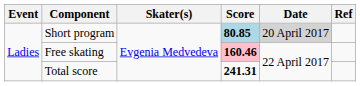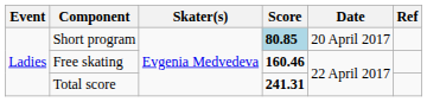 <table class="wikitable">
 <tr>
 <th>Event</th>
 <th>Component</th>
 <th>Skater(s)</th>
 <th>Score</th>
 <th>Date</th>
 <th>Ref</th>
 </tr>
 <tr>
 <td rowspan=3><a href='#'>Ladies</a></td>
 <td>Short program</td>
 <td rowspan=3> <a href='#'>Evgenia Medvedeva</a></td>
 <td style="background: lightblue;"><strong>80.85</strong></td>
-<td style="background: lightgrey;">20 April 2017</td>
+<td>20 April 2017</td>
 <td></td>
 </tr>
 <tr>
 <td>Free skating</td>
-<td style="background: pink;"><strong>160.46</strong></td>
+<td><strong>160.46</strong></td>
 <td rowspan=2>22 April 2017</td>
 <td></td>
 </tr>
 <tr>
 <td>Total score</td>
 <td><strong>241.31</strong></td>
 <td></td>
 </tr>
 </table>
